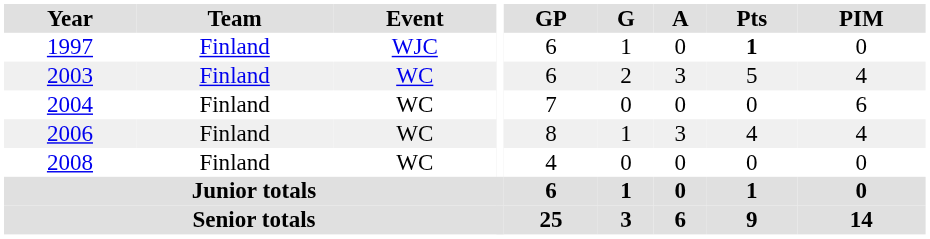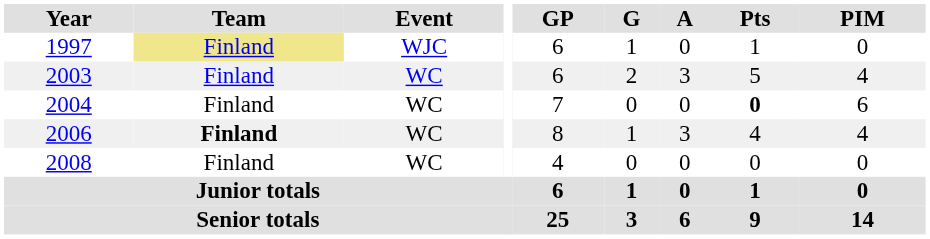 <table border="0" cellpadding="1" cellspacing="0" ID="Table3" style="text-align:center; width:40em">
 <tr bgcolor="#e0e0e0">
 <th>Year</th>
 <th>Team</th>
 <th>Event</th>
 <th rowspan="102" bgcolor="#ffffff"></th>
 <th>GP</th>
 <th>G</th>
 <th>A</th>
 <th>Pts</th>
 <th>PIM</th>
 </tr>
 <tr>
 <td><a href='#'>1997</a></td>
-<td><a href='#'>Finland</a></td>
+<td style="background: khaki;"><a href='#'>Finland</a></td>
 <td><a href='#'>WJC</a></td>
 <td>6</td>
 <td>1</td>
 <td>0</td>
-<td><strong>1</strong></td>
+<td>1</td>
 <td>0</td>
 </tr>
 <tr bgcolor="#f0f0f0">
 <td><a href='#'>2003</a></td>
 <td><a href='#'>Finland</a></td>
 <td><a href='#'>WC</a></td>
 <td>6</td>
 <td>2</td>
 <td>3</td>
 <td>5</td>
 <td>4</td>
 </tr>
 <tr>
 <td><a href='#'>2004</a></td>
 <td>Finland</td>
 <td>WC</td>
 <td>7</td>
 <td>0</td>
 <td>0</td>
-<td>0</td>
+<td><strong>0</strong></td>
 <td>6</td>
 </tr>
 <tr bgcolor="#f0f0f0">
 <td><a href='#'>2006</a></td>
-<td>Finland</td>
+<td><strong>Finland</strong></td>
 <td>WC</td>
 <td>8</td>
 <td>1</td>
 <td>3</td>
 <td>4</td>
 <td>4</td>
 </tr>
 <tr>
 <td><a href='#'>2008</a></td>
 <td>Finland</td>
 <td>WC</td>
 <td>4</td>
 <td>0</td>
 <td>0</td>
 <td>0</td>
 <td>0</td>
 </tr>
 <tr bgcolor="#e0e0e0">
 <th colspan="4">Junior totals</th>
 <th>6</th>
 <th>1</th>
 <th>0</th>
 <th>1</th>
 <th>0</th>
 </tr>
 <tr bgcolor="#e0e0e0">
 <th colspan="4">Senior totals</th>
 <th>25</th>
 <th>3</th>
 <th>6</th>
 <th>9</th>
 <th>14</th>
 </tr>
 </table>
